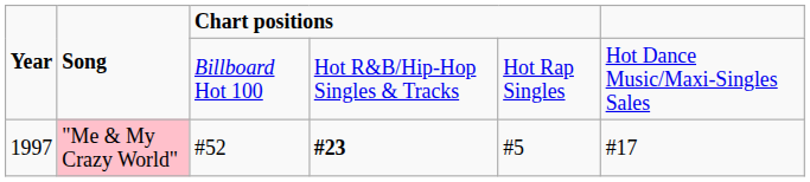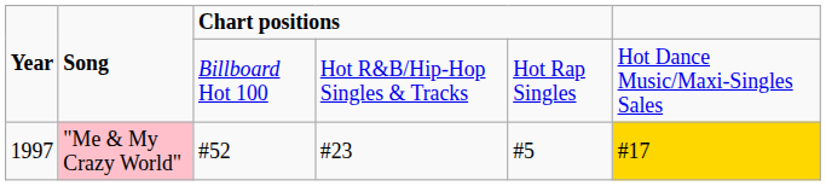 <table class="wikitable">
 <tr>
 <td rowspan="2"><strong>Year</strong></td>
 <td rowspan="2"><strong>Song</strong></td>
 <td colspan="3"><strong>Chart positions</strong></td>
 </tr>
 <tr>
 <td><a href='#'><em>Billboard</em> Hot 100</a></td>
 <td><a href='#'>Hot R&B/Hip-Hop Singles & Tracks</a></td>
 <td><a href='#'>Hot Rap Singles</a></td>
 <td><a href='#'>Hot Dance Music/Maxi-Singles Sales</a></td>
 </tr>
 <tr>
 <td>1997</td>
 <td style="background: pink;">"Me & My Crazy World"</td>
 <td>#52</td>
-<td><strong>#23</strong></td>
+<td>#23</td>
 <td>#5</td>
-<td>#17</td>
+<td style="background: gold;">#17</td>
 </tr>
 </table>
